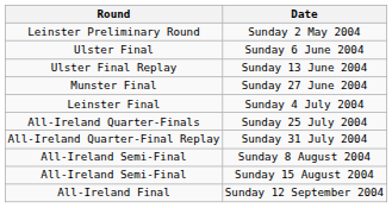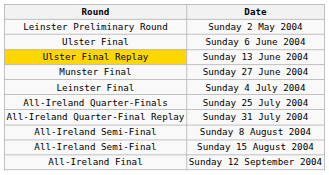 <table class="wikitable" style="text-align: center">
 <tr>
 <th>Round</th>
 <th>Date</th>
 </tr>
 <tr>
 <td>Leinster Preliminary Round</td>
 <td>Sunday 2 May 2004</td>
 </tr>
 <tr>
 <td>Ulster Final</td>
 <td>Sunday 6 June 2004</td>
 </tr>
 <tr>
-<td>Ulster Final Replay</td>
+<td style="background: gold;">Ulster Final Replay</td>
 <td>Sunday 13 June 2004</td>
 </tr>
 <tr>
 <td>Munster Final</td>
 <td>Sunday 27 June 2004</td>
 </tr>
 <tr>
 <td>Leinster Final</td>
 <td>Sunday 4 July 2004</td>
 </tr>
 <tr>
 <td>All-Ireland Quarter-Finals</td>
 <td>Sunday 25 July 2004</td>
 </tr>
 <tr>
 <td>All-Ireland Quarter-Final Replay</td>
 <td>Sunday 31 July 2004</td>
 </tr>
 <tr>
 <td>All-Ireland Semi-Final</td>
 <td>Sunday 8 August 2004</td>
 </tr>
 <tr>
 <td>All-Ireland Semi-Final</td>
 <td>Sunday 15 August 2004</td>
 </tr>
 <tr>
 <td>All-Ireland Final</td>
 <td>Sunday 12 September 2004</td>
 </tr>
 </table>
